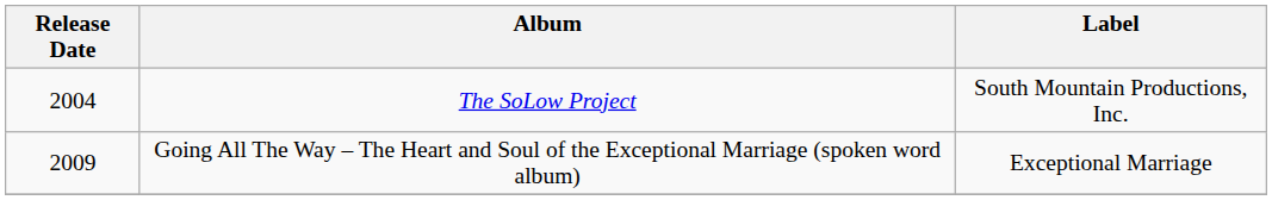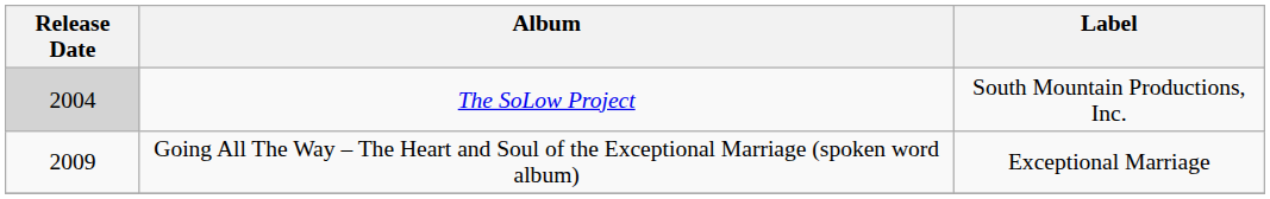 <table class="wikitable">
 <tr>
 <th align="left" valign="top"><strong>Release Date</strong></th>
 <th align="left" valign="top"><strong>Album</strong></th>
 <th align="left" valign="top"><strong>Label</strong></th>
 </tr>
 <tr>
-<td align="center" valign="middle">2004</td>
+<td align="center" valign="middle" style="background: lightgrey;">2004</td>
 <td align="center" valign="middle"><em><a href='#'>The SoLow Project</a></em></td>
 <td align="center" valign="middle">South Mountain Productions, Inc.</td>
 </tr>
 <tr>
 <td align="center" valign="middle">2009</td>
 <td align="center" valign="middle">Going All The Way – The Heart and Soul of the Exceptional Marriage (spoken word album)</td>
 <td align="center" valign="middle">Exceptional Marriage</td>
 </tr>
 <tr>
 </tr>
 </table>
